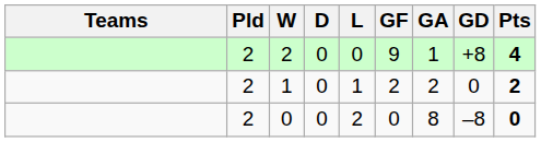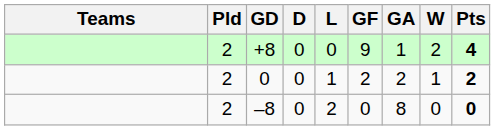 <table class="wikitable" style="text-align: center;">
 <tr>
 <th width=165>Teams</th>
 <th width=20>Pld</th>
-<th width=20>W</th>
+<th width=20>GD</th>
 <th width=20>D</th>
 <th width=20>L</th>
 <th width=20>GF</th>
 <th width=20>GA</th>
-<th width=20>GD</th>
+<th width=20>W</th>
 <th width=20>Pts</th>
 </tr>
 <tr align=center style="background:#ccffcc;">
 <td style="text-align:left;"></td>
 <td>2</td>
-<td>2</td>
+<td>+8</td>
 <td>0</td>
 <td>0</td>
 <td>9</td>
 <td>1</td>
-<td>+8</td>
+<td>2</td>
 <td><strong>4</strong></td>
-</tr>
-<tr align=center>
-<td style="text-align:left;"></td>
-<td>2</td>
-<td>1</td>
-<td>0</td>
-<td>1</td>
-<td>2</td>
-<td>2</td>
-<td>0</td>
-<td><strong>2</strong></td>
 </tr>
 <tr align=center>
 <td style="text-align:left;"></td>
 <td>2</td>
 <td>0</td>
 <td>0</td>
+<td>1</td>
+<td>2</td>
+<td>2</td>
+<td>1</td>
+<td><strong>2</strong></td>
+</tr>
+<tr align=center>
+<td style="text-align:left;"></td>
+<td>2</td>
+<td>–8</td>
+<td>0</td>
 <td>2</td>
 <td>0</td>
 <td>8</td>
-<td>–8</td>
+<td>0</td>
 <td><strong>0</strong></td>
 </tr>
 </table>
